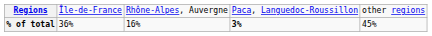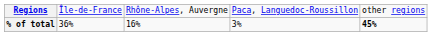 <table class="wikitable" style="float:centre; font-size:85%;">
 <tr>
 <th><a href='#'>Regions</a></th>
 <td><a href='#'>Île-de-France</a></td>
 <td><a href='#'>Rhône-Alpes</a>, Auvergne</td>
 <td><a href='#'>Paca</a>, <a href='#'>Languedoc-Roussillon</a></td>
 <td>other <a href='#'>regions</a></td>
 </tr>
 <tr ->
 <th>% of total</th>
 <td>36%</td>
 <td>16%</td>
-<td><strong>3%</strong></td>
-<td>45%</td>
+<td>3%</td>
+<td><strong>45%</strong></td>
 </tr>
 </table>
